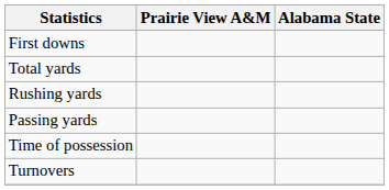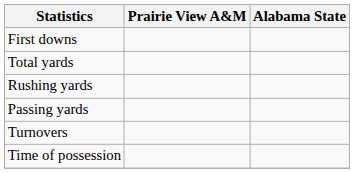 <table class="wikitable">
 <tr>
 <th>Statistics</th>
 <th>Prairie View A&M</th>
 <th>Alabama State</th>
 </tr>
 <tr>
 <td>First downs</td>
 <td> </td>
 <td> </td>
 </tr>
 <tr>
 <td>Total yards</td>
 <td> </td>
 <td> </td>
 </tr>
 <tr>
 <td>Rushing yards</td>
 <td> </td>
 <td> </td>
 </tr>
 <tr>
 <td>Passing yards</td>
 <td> </td>
 <td> </td>
 </tr>
 <tr>
-<td>Time of possession</td>
+<td>Turnovers</td>
 <td> </td>
 <td> </td>
 </tr>
 <tr>
-<td>Turnovers</td>
+<td>Time of possession</td>
 <td> </td>
 <td> </td>
 </tr>
 <tr>
 </tr>
 </table>
